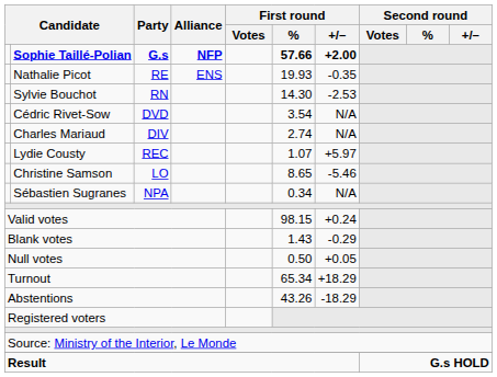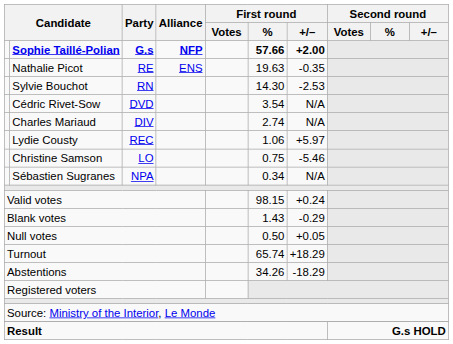 <table class="wikitable" style="text-align:right;font-size:95%;">
 <tr>
 <th rowspan="2" colspan="2">Candidate</th>
 <th rowspan="2">Party</th>
 <th rowspan="2">Alliance</th>
 <th colspan="3">First round</th>
 <th colspan="3">Second round</th>
 </tr>
 <tr>
 <th style="width:50px;">Votes</th>
 <th style="width:45px;">%</th>
 <th style="width:45px;">+/–</th>
 <th style="width:50px;">Votes</th>
 <th style="width:45px;">%</th>
 <th style="width:45px;">+/–</th>
 </tr>
 <tr>
 <td style="color:inherit;background:"></td>
 <td style="text-align:left;"><strong><a href='#'>Sophie Taillé-Polian</a></strong></td>
 <td><a href='#'><strong>G.s</strong></a></td>
 <td><a href='#'><strong>NFP</strong></a></td>
 <td><strong></strong></td>
 <td><strong>57.66</strong></td>
 <td><strong>+2.00</strong></td>
 <td colspan="3" style="background:#E9E9E9;"></td>
 </tr>
 <tr>
 <td style="color:inherit;background:"></td>
 <td style="text-align:left;">Nathalie Picot</td>
 <td><a href='#'>RE</a></td>
 <td><a href='#'>ENS</a></td>
 <td></td>
-<td>19.93</td>
+<td>19.63</td>
 <td>-0.35</td>
 <td colspan="3" style="background:#E9E9E9;"></td>
 </tr>
 <tr>
 <td style="color:inherit;background:"></td>
 <td style="text-align:left;">Sylvie Bouchot</td>
 <td><a href='#'>RN</a></td>
 <td></td>
 <td></td>
 <td>14.30</td>
 <td>-2.53</td>
 <td colspan="3" style="background:#E9E9E9;"></td>
 </tr>
 <tr>
 <td style="color:inherit;background:"></td>
 <td style="text-align:left;">Cédric Rivet-Sow</td>
 <td><a href='#'>DVD</a></td>
 <td></td>
 <td></td>
 <td>3.54</td>
 <td>N/A</td>
 <td colspan="3" style="background:#E9E9E9;"></td>
 </tr>
 <tr>
 <td style="color:inherit;background:"></td>
 <td style="text-align:left;">Charles Mariaud</td>
 <td><a href='#'>DIV</a></td>
 <td></td>
 <td></td>
 <td>2.74</td>
 <td>N/A</td>
 <td colspan="3" style="background:#E9E9E9;"></td>
 </tr>
 <tr>
 <td style="color:inherit;background:"></td>
 <td style="text-align:left;">Lydie Cousty</td>
 <td><a href='#'>REC</a></td>
 <td></td>
 <td></td>
-<td>1.07</td>
+<td>1.06</td>
 <td>+5.97</td>
 <td colspan="3" style="background:#E9E9E9;"></td>
 </tr>
 <tr>
 <td style="color:inherit;background:"></td>
 <td style="text-align:left;">Christine Samson</td>
 <td><a href='#'>LO</a></td>
 <td></td>
 <td></td>
-<td>8.65</td>
+<td>0.75</td>
 <td>-5.46</td>
 <td colspan="3" style="background:#E9E9E9;"></td>
 </tr>
 <tr>
 <td style="color:inherit;background:"></td>
 <td style="text-align:left;">Sébastien Sugranes</td>
 <td><a href='#'>NPA</a></td>
 <td></td>
 <td></td>
 <td>0.34</td>
 <td>N/A</td>
 <td colspan="3" style="background:#E9E9E9;"></td>
 </tr>
 <tr>
 <td colspan="10" style="background:#E9E9E9;"></td>
 </tr>
 <tr>
 <td colspan="4" style="text-align:left;">Valid votes</td>
 <td></td>
 <td>98.15</td>
 <td>+0.24</td>
 <td colspan="3" style="background:#E9E9E9;"></td>
 </tr>
 <tr>
 <td colspan="4" style="text-align:left;">Blank votes</td>
 <td></td>
 <td>1.43</td>
 <td>-0.29</td>
 <td colspan="3" style="background:#E9E9E9;"></td>
 </tr>
 <tr>
 <td colspan="4" style="text-align:left;">Null votes</td>
 <td></td>
 <td>0.50</td>
 <td>+0.05</td>
 <td colspan="3" style="background:#E9E9E9;"></td>
 </tr>
 <tr>
 <td colspan="4" style="text-align:left;">Turnout</td>
 <td></td>
-<td>65.34</td>
+<td>65.74</td>
 <td>+18.29</td>
 <td colspan="3" style="background:#E9E9E9;"></td>
 </tr>
 <tr>
 <td colspan="4" style="text-align:left;">Abstentions</td>
 <td></td>
-<td>43.26</td>
+<td>34.26</td>
 <td>-18.29</td>
 <td colspan="3" style="background:#E9E9E9;"></td>
 </tr>
 <tr>
 <td colspan="4" style="text-align:left;">Registered voters</td>
 <td></td>
 <td colspan="5" style="background:#E9E9E9;"></td>
 </tr>
 <tr>
 <td colspan="10" style="background:#E9E9E9;"></td>
 </tr>
 <tr>
 <td colspan="10" style="text-align:left;">Source: <a href='#'>Ministry of the Interior</a>, <a href='#'>Le Monde</a></td>
 </tr>
 <tr>
 </tr>
 <tr style="font-weight:bold">
 <td colspan="7" style="text-align:left;">Result</td>
 <td colspan="7" style="background-color:">G.s HOLD</td>
 </tr>
 </table>
